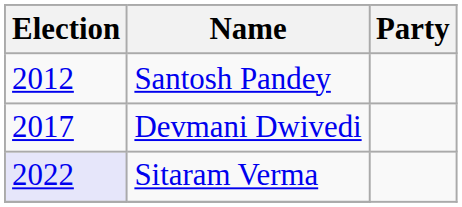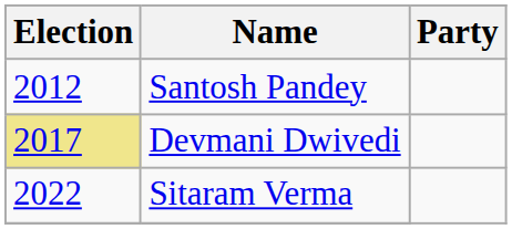 <table class="wikitable sortable">
 <tr>
 <th>Election</th>
 <th>Name</th>
 <th colspan=2>Party</th>
 </tr>
 <tr>
 <td><a href='#'>2012</a></td>
 <td><a href='#'>Santosh Pandey</a></td>
 <td></td>
 </tr>
 <tr>
-<td><a href='#'>2017</a></td>
+<td style="background: khaki;"><a href='#'>2017</a></td>
 <td><a href='#'>Devmani Dwivedi</a></td>
 <td></td>
 </tr>
 <tr>
-<td style="background: lavender;"><a href='#'>2022</a></td>
+<td><a href='#'>2022</a></td>
 <td><a href='#'>Sitaram Verma</a></td>
 </tr>
 <tr>
 </tr>
 </table>
